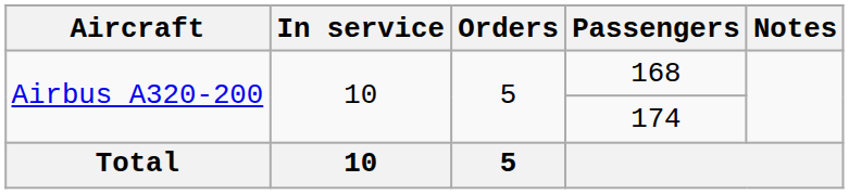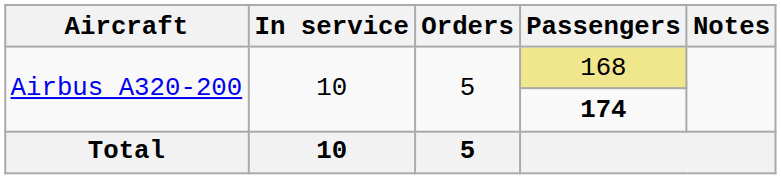 <table class="wikitable" style="text-align:center;margin:auto;">
 <tr>
 <th>Aircraft</th>
 <th>In service</th>
 <th>Orders</th>
 <th>Passengers</th>
 <th>Notes</th>
 </tr>
 <tr>
 <td rowspan="2"><a href='#'>Airbus A320-200</a></td>
 <td rowspan="2">10</td>
 <td rowspan="2">5</td>
-<td>168</td>
+<td style="background: khaki;">168</td>
 <td rowspan="2"></td>
 </tr>
 <tr>
-<td>174</td>
+<td><strong>174</strong></td>
 </tr>
 <tr>
 <th>Total</th>
 <th>10 </th>
 <th>5</th>
 <th colspan="2"></th>
 </tr>
 </table>
